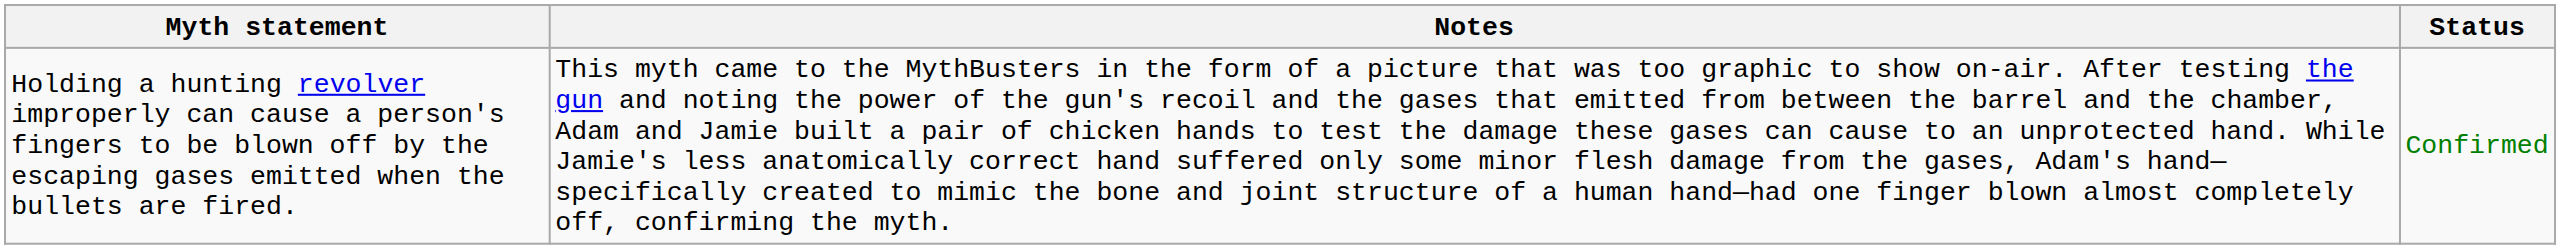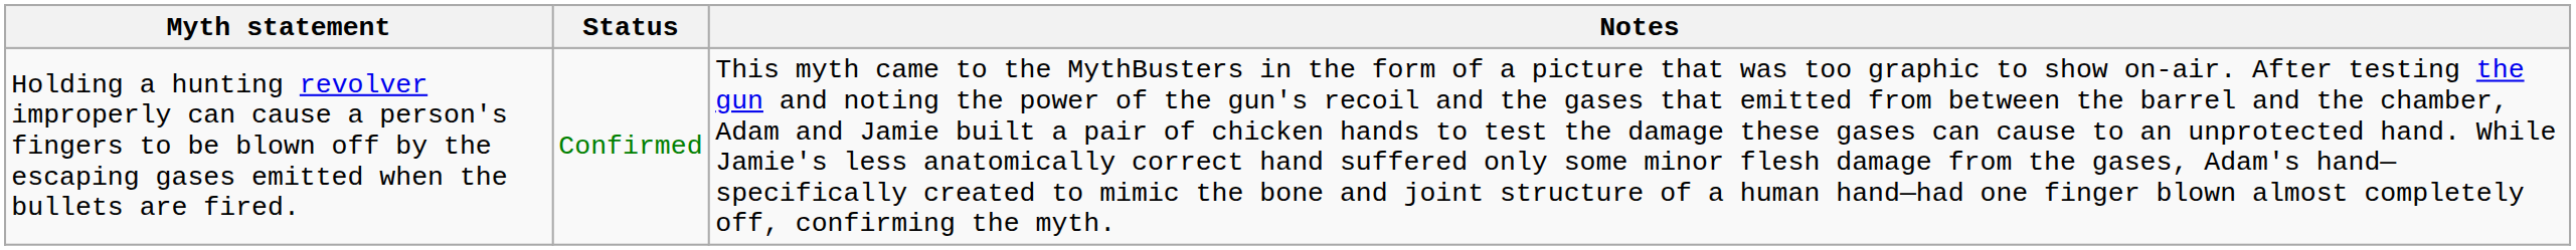 <table class="wikitable plainrowheaders">
 <tr>
 <th>Myth statement</th>
+<th>Status</th>
 <th>Notes</th>
-<th>Status</th>
 </tr>
 <tr>
 <td>Holding a hunting <a href='#'>revolver</a> improperly can cause a person's fingers to be blown off by the escaping gases emitted when the bullets are fired.</td>
+<td style="color:Green">Confirmed</td>
 <td>This myth came to the MythBusters in the form of a picture that was too graphic to show on-air. After testing <a href='#'>the gun</a> and noting the power of the gun's recoil and the gases that emitted from between the barrel and the chamber, Adam and Jamie built a pair of chicken hands to test the damage these gases can cause to an unprotected hand. While Jamie's less anatomically correct hand suffered only some minor flesh damage from the gases, Adam's hand—specifically created to mimic the bone and joint structure of a human hand—had one finger blown almost completely off, confirming the myth.</td>
-<td style="color:Green">Confirmed</td>
 </tr>
 </table>
